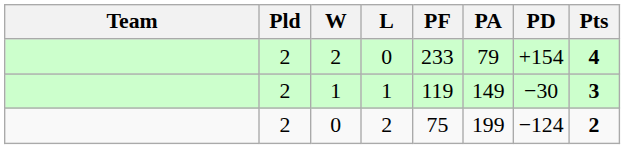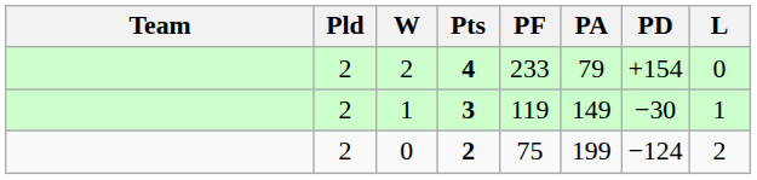 <table class=wikitable style="text-align:center">
 <tr>
 <th width=180>Team</th>
 <th width=30>Pld</th>
 <th width=30>W</th>
-<th width=30>L</th>
+<th width=30>Pts</th>
 <th width=30>PF</th>
 <th width=30>PA</th>
 <th width=30>PD</th>
-<th width=30>Pts</th>
+<th width=30>L</th>
 </tr>
 <tr align=center bgcolor="#ccffcc">
 <td align=left></td>
 <td>2</td>
 <td>2</td>
-<td>0</td>
+<td><strong>4</strong></td>
 <td>233</td>
 <td>79</td>
 <td>+154</td>
-<td><strong>4</strong></td>
+<td>0</td>
 </tr>
 <tr align=center bgcolor="#ccffcc">
 <td align=left></td>
 <td>2</td>
 <td>1</td>
-<td>1</td>
+<td><strong>3</strong></td>
 <td>119</td>
 <td>149</td>
 <td>−30</td>
-<td><strong>3</strong></td>
+<td>1</td>
 </tr>
 <tr align=center>
 <td align=left></td>
 <td>2</td>
 <td>0</td>
-<td>2</td>
+<td><strong>2</strong></td>
 <td>75</td>
 <td>199</td>
 <td>−124</td>
-<td><strong>2</strong></td>
+<td>2</td>
 </tr>
 </table>
